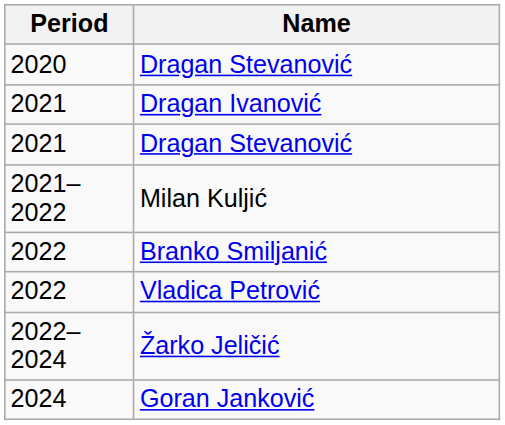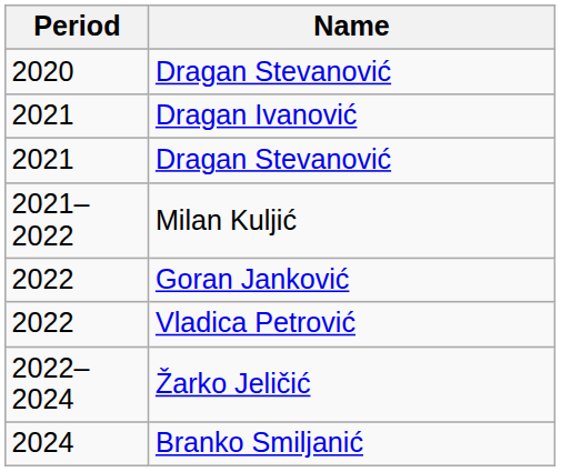 <table class="wikitable">
 <tr>
 <th width="75">Period</th>
 <th width="225">Name</th>
 </tr>
 <tr>
 <td>2020</td>
 <td> <a href='#'>Dragan Stevanović</a></td>
 </tr>
 <tr>
 <td>2021</td>
 <td> <a href='#'>Dragan Ivanović</a></td>
 </tr>
 <tr>
 <td>2021</td>
 <td> <a href='#'>Dragan Stevanović</a></td>
 </tr>
 <tr>
 <td>2021–2022</td>
 <td> Milan Kuljić</td>
 </tr>
 <tr>
 <td>2022</td>
-<td> <a href='#'>Branko Smiljanić</a></td>
+<td> <a href='#'>Goran Janković</a></td>
 </tr>
 <tr>
 <td>2022</td>
 <td> <a href='#'>Vladica Petrović</a></td>
 </tr>
 <tr>
 <td>2022–2024</td>
 <td> <a href='#'>Žarko Jeličić</a></td>
 </tr>
 <tr>
 <td>2024</td>
-<td> <a href='#'>Goran Janković</a></td>
+<td> <a href='#'>Branko Smiljanić</a></td>
 </tr>
 </table>
